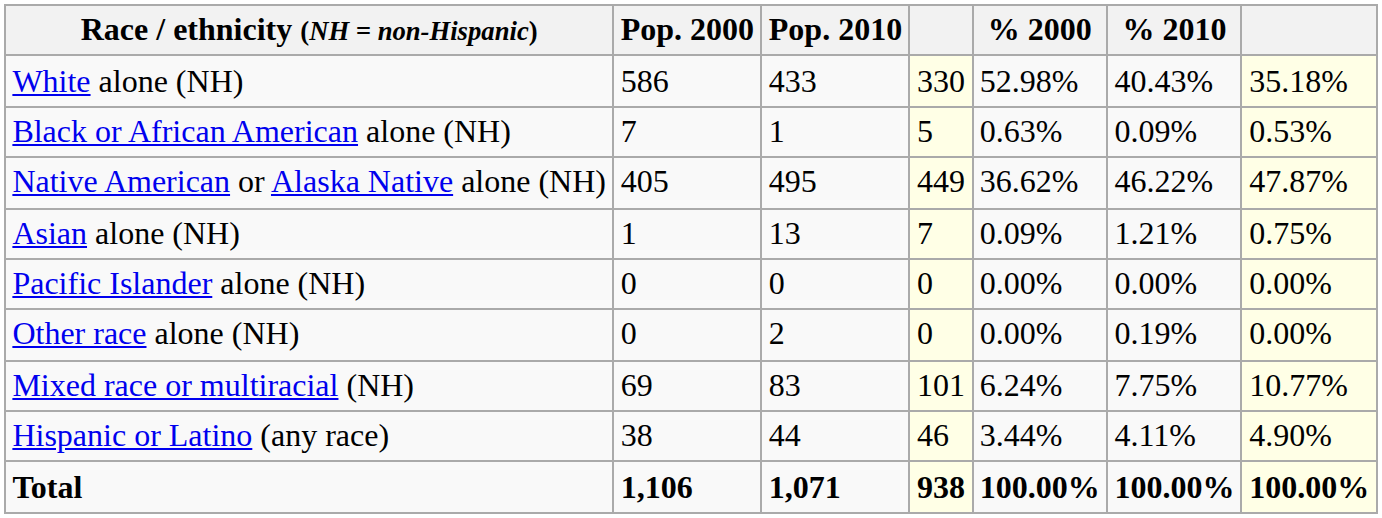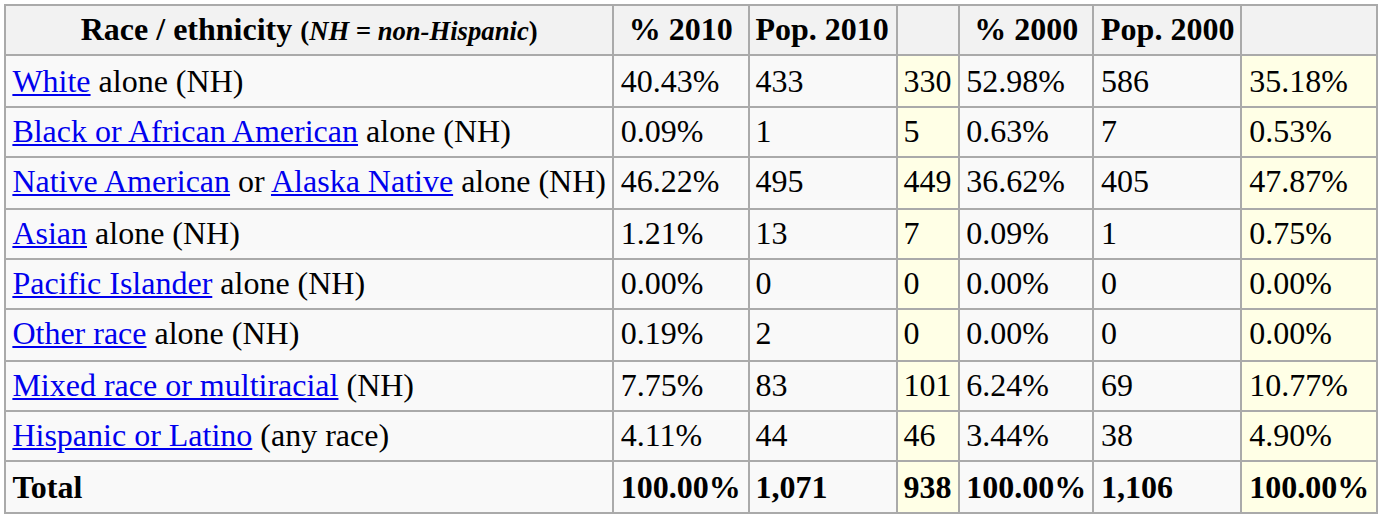 <table class="wikitable">
 <tr>
 <th>Race / ethnicity <small>(<em>NH = non-Hispanic</em>)</small></th>
-<th>Pop. 2000</th>
+<th>% 2010</th>
 <th>Pop. 2010</th>
 <th></th>
 <th>% 2000</th>
-<th>% 2010</th>
+<th>Pop. 2000</th>
 <th></th>
 </tr>
 <tr>
 <td><a href='#'>White</a> alone (NH)</td>
-<td>586</td>
+<td>40.43%</td>
 <td>433</td>
 <td style='background: #ffffe6;'>330</td>
 <td>52.98%</td>
-<td>40.43%</td>
+<td>586</td>
 <td style='background: #ffffe6;'>35.18%</td>
 </tr>
 <tr>
 <td><a href='#'>Black or African American</a> alone (NH)</td>
-<td>7</td>
+<td>0.09%</td>
 <td>1</td>
 <td style='background: #ffffe6;'>5</td>
 <td>0.63%</td>
-<td>0.09%</td>
+<td>7</td>
 <td style='background: #ffffe6;'>0.53%</td>
 </tr>
 <tr>
 <td><a href='#'>Native American</a> or <a href='#'>Alaska Native</a> alone (NH)</td>
-<td>405</td>
+<td>46.22%</td>
 <td>495</td>
 <td style='background: #ffffe6;'>449</td>
 <td>36.62%</td>
-<td>46.22%</td>
+<td>405</td>
 <td style='background: #ffffe6;'>47.87%</td>
 </tr>
 <tr>
 <td><a href='#'>Asian</a> alone (NH)</td>
-<td>1</td>
+<td>1.21%</td>
 <td>13</td>
 <td style='background: #ffffe6;'>7</td>
 <td>0.09%</td>
-<td>1.21%</td>
+<td>1</td>
 <td style='background: #ffffe6;'>0.75%</td>
 </tr>
 <tr>
 <td><a href='#'>Pacific Islander</a> alone (NH)</td>
-<td>0</td>
+<td>0.00%</td>
 <td>0</td>
 <td style='background: #ffffe6;'>0</td>
 <td>0.00%</td>
-<td>0.00%</td>
+<td>0</td>
 <td style='background: #ffffe6;'>0.00%</td>
 </tr>
 <tr>
 <td><a href='#'>Other race</a> alone (NH)</td>
-<td>0</td>
+<td>0.19%</td>
 <td>2</td>
 <td style='background: #ffffe6;'>0</td>
 <td>0.00%</td>
-<td>0.19%</td>
+<td>0</td>
 <td style='background: #ffffe6;'>0.00%</td>
 </tr>
 <tr>
 <td><a href='#'>Mixed race or multiracial</a> (NH)</td>
-<td>69</td>
+<td>7.75%</td>
 <td>83</td>
 <td style='background: #ffffe6;'>101</td>
 <td>6.24%</td>
-<td>7.75%</td>
+<td>69</td>
 <td style='background: #ffffe6;'>10.77%</td>
 </tr>
 <tr>
 <td><a href='#'>Hispanic or Latino</a> (any race)</td>
-<td>38</td>
+<td>4.11%</td>
 <td>44</td>
 <td style='background: #ffffe6;'>46</td>
 <td>3.44%</td>
-<td>4.11%</td>
+<td>38</td>
 <td style='background: #ffffe6;'>4.90%</td>
 </tr>
 <tr>
 <td><strong>Total</strong></td>
-<td><strong>1,106</strong></td>
+<td><strong>100.00%</strong></td>
 <td><strong>1,071</strong></td>
 <td style='background: #ffffe6;'><strong>938</strong></td>
 <td><strong>100.00%</strong></td>
-<td><strong>100.00%</strong></td>
+<td><strong>1,106</strong></td>
 <td style='background: #ffffe6;'><strong>100.00%</strong></td>
 </tr>
 </table>
